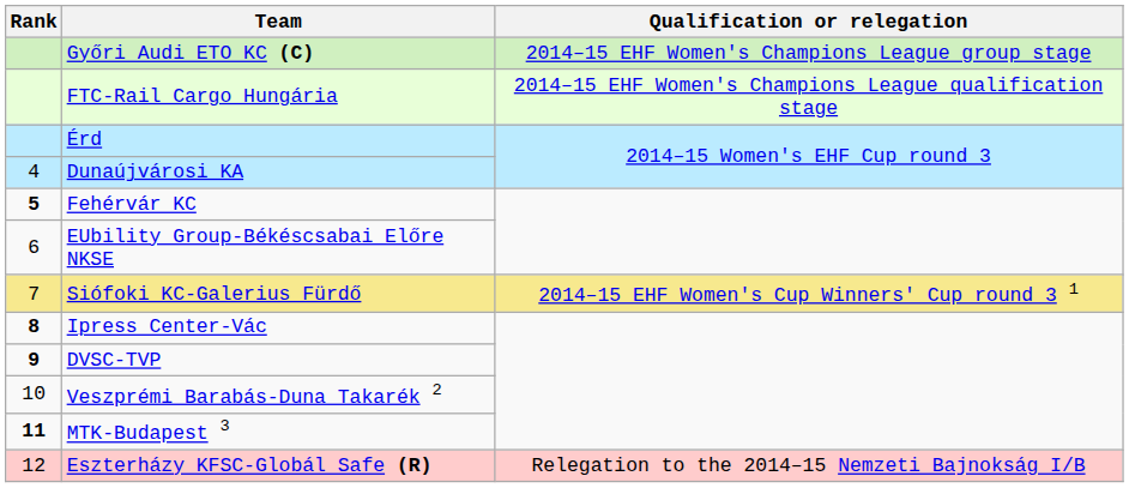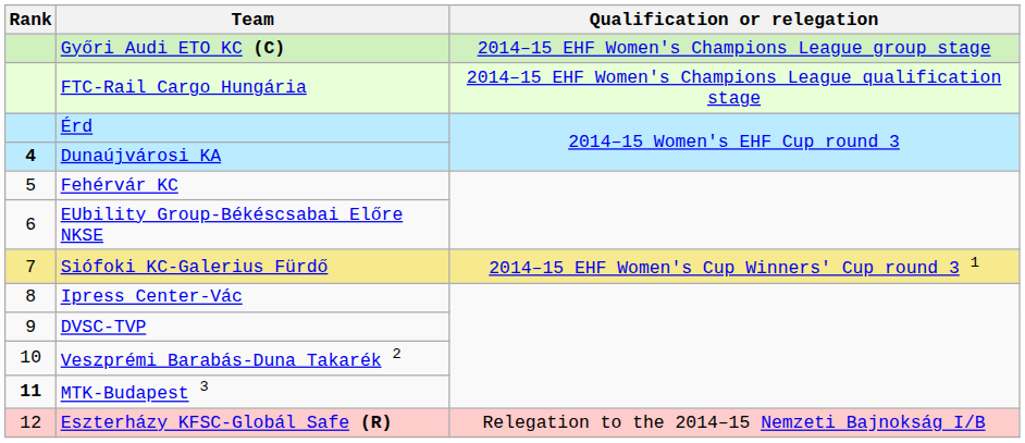 <table class="wikitable">
 <tr>
 <th>Rank</th>
 <th>Team</th>
 <th>Qualification or relegation</th>
 </tr>
 <tr>
 <td align="center" bgcolor=#D0F0C0></td>
 <td width=280 align="left" bgcolor=#D0F0C0> <a href='#'>Győri Audi ETO KC</a> <strong>(C)</strong></td>
 <td width=410 align="center" bgcolor=#D0F0C0><a href='#'>2014–15 EHF Women's Champions League group stage</a></td>
 </tr>
 <tr>
 <td align="center" bgcolor=#E8FFD8></td>
 <td align="left" bgcolor=#E8FFD8> <a href='#'>FTC-Rail Cargo Hungária</a></td>
 <td align="center" bgcolor=#E8FFD8><a href='#'>2014–15 EHF Women's Champions League qualification stage</a></td>
 </tr>
 <tr>
 <td align="center" bgcolor=#BBEBFF></td>
 <td align="left" bgcolor=#BBEBFF> <a href='#'>Érd</a></td>
 <td align="center" rowspan="2" bgcolor=#BBEBFF><a href='#'>2014–15 Women's EHF Cup round 3</a></td>
 </tr>
 <tr>
-<td align="center" bgcolor=#BBEBFF>4</td>
+<td align="center" bgcolor=#BBEBFF><strong>4</strong></td>
 <td align="left" bgcolor=#BBEBFF> <a href='#'>Dunaújvárosi KA</a></td>
 </tr>
 <tr>
-<td align="center" bgcolor=><strong>5</strong></td>
+<td align="center" bgcolor=>5</td>
 <td align="left" bgcolor=> <a href='#'>Fehérvár KC</a></td>
 </tr>
 <tr>
 <td align="center" bgcolor=>6</td>
 <td align="left" bgcolor=> <a href='#'>EUbility Group-Békéscsabai Előre NKSE</a></td>
 </tr>
 <tr>
 <td align="center" bgcolor=#F7E98E>7</td>
 <td align="left" bgcolor=#F7E98E> <a href='#'>Siófoki KC-Galerius Fürdő</a></td>
 <td align="center" bgcolor=#F7E98E><a href='#'>2014–15 EHF Women's Cup Winners' Cup round 3</a> <sup>1</sup></td>
 </tr>
 <tr>
-<td align="center" bgcolor=><strong>8</strong></td>
+<td align="center" bgcolor=>8</td>
 <td align="left" bgcolor=> <a href='#'>Ipress Center-Vác</a></td>
 </tr>
 <tr>
-<td align="center" bgcolor=><strong>9</strong></td>
+<td align="center" bgcolor=>9</td>
 <td align="left" bgcolor=> <a href='#'>DVSC-TVP</a></td>
 </tr>
 <tr>
 <td align="center" bgcolor=>10</td>
 <td align="left" bgcolor=> <a href='#'>Veszprémi Barabás-Duna Takarék</a> <sup>2</sup></td>
 </tr>
 <tr>
 <td align="center" bgcolor=><strong>11</strong></td>
 <td align="left" bgcolor=> <a href='#'>MTK-Budapest</a> <sup>3</sup></td>
 </tr>
 <tr>
 <td align="center" bgcolor=#FFCCCC>12</td>
 <td align="left" bgcolor=#FFCCCC> <a href='#'>Eszterházy KFSC-Globál Safe</a> <strong>(R)</strong></td>
 <td align="center" bgcolor=#FFCCCC>Relegation to the 2014–15 <a href='#'>Nemzeti Bajnokság I/B</a></td>
 </tr>
 </table>
